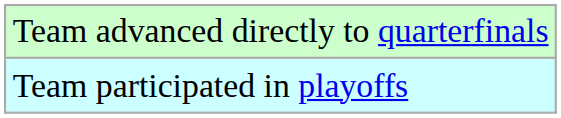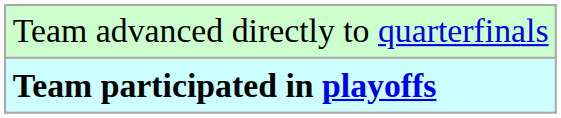 <table class="wikitable">
 <tr style="width:10px; background:#cfc;">
 <td>Team advanced directly to <a href='#'>quarterfinals</a></td>
 </tr>
 <tr style="width:10px; background:#cff;">
-<td>Team participated in <a href='#'>playoffs</a></td>
+<td><strong>Team participated in <a href='#'>playoffs</a></strong></td>
 </tr>
 </table>
